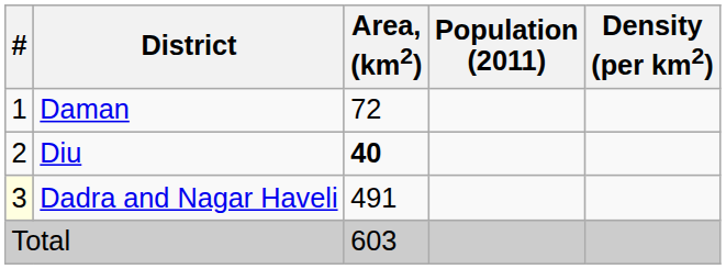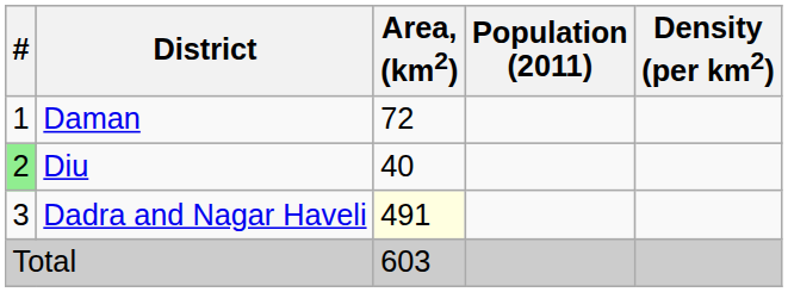 <table class="wikitable sortable">
 <tr>
 <th>#</th>
 <th>District</th>
 <th>Area,<br>(km<sup>2</sup>)</th>
 <th>Population<br>(2011)</th>
 <th>Density<br>(per km<sup>2</sup>)</th>
 </tr>
 <tr>
 <td>1</td>
 <td><a href='#'>Daman</a></td>
 <td>72</td>
 <td></td>
 <td></td>
 </tr>
 <tr>
-<td>2</td>
+<td style="background: lightgreen;">2</td>
 <td><a href='#'>Diu</a></td>
-<td><strong>40</strong></td>
+<td>40</td>
 <td></td>
 <td></td>
 </tr>
 <tr>
-<td style="background: lightyellow;">3</td>
+<td>3</td>
 <td><a href='#'>Dadra and Nagar Haveli</a></td>
-<td>491</td>
+<td style="background: lightyellow;">491</td>
 <td></td>
 <td></td>
 </tr>
 <tr style="background: #CCC;">
 <td colspan=2>Total</td>
 <td>603</td>
 <td></td>
 <td></td>
 </tr>
 </table>
